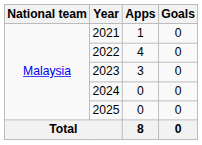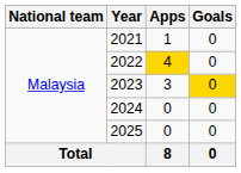 <table class=wikitable style="text-align: center;">
 <tr>
 <th>National team</th>
 <th>Year</th>
 <th>Apps</th>
 <th>Goals</th>
 </tr>
 <tr>
 <td rowspan=5><a href='#'>Malaysia</a></td>
 <td>2021</td>
 <td>1</td>
 <td>0</td>
 </tr>
 <tr>
 <td>2022</td>
-<td>4</td>
+<td style="background: gold;">4</td>
 <td>0</td>
 </tr>
 <tr>
 <td>2023</td>
 <td>3</td>
-<td>0</td>
+<td style="background: gold;">0</td>
 </tr>
 <tr>
 <td>2024</td>
 <td>0</td>
 <td>0</td>
 </tr>
 <tr>
 <td>2025</td>
 <td>0</td>
 <td>0</td>
 </tr>
 <tr>
 <th colspan=2>Total</th>
 <th>8</th>
 <th>0</th>
 </tr>
 </table>
